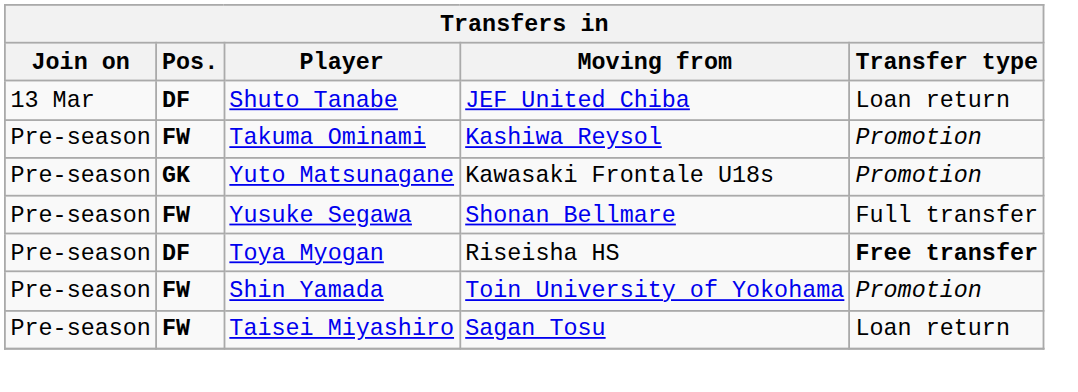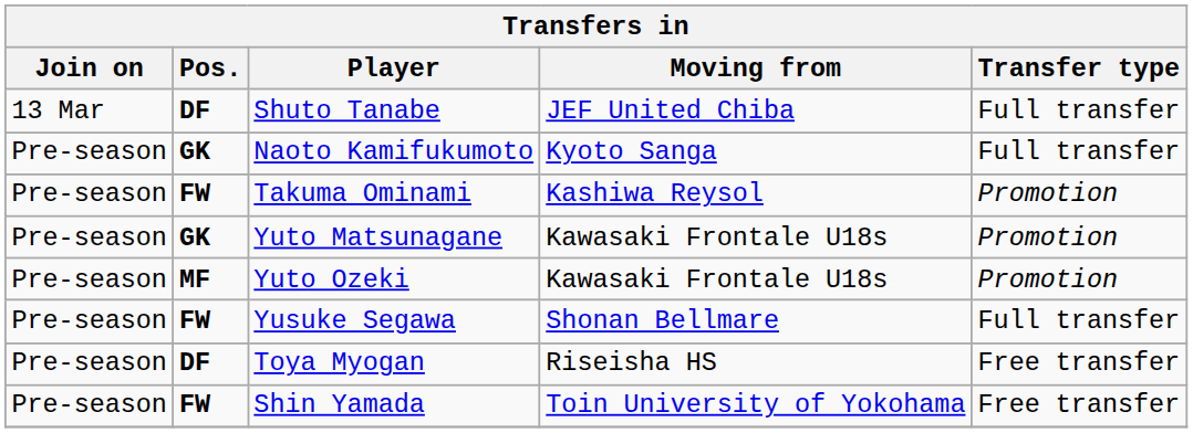 <table class="wikitable sortable" style=“text-align:left;>
 <tr>
 <th colspan="5">Transfers in</th>
 </tr>
 <tr>
 <th>Join on</th>
 <th>Pos.</th>
 <th>Player</th>
 <th>Moving from</th>
 <th>Transfer type</th>
 </tr>
 <tr>
 <td>13 Mar</td>
 <td><strong>DF</strong></td>
 <td> <a href='#'>Shuto Tanabe</a></td>
 <td> <a href='#'>JEF United Chiba</a></td>
-<td>Loan return</td>
+<td>Full transfer</td>
+</tr>
+<tr>
+<td>Pre-season</td>
+<td><strong>GK</strong></td>
+<td> <a href='#'>Naoto Kamifukumoto</a></td>
+<td> <a href='#'>Kyoto Sanga</a></td>
+<td>Full transfer</td>
 </tr>
 <tr>
 <td>Pre-season</td>
 <td><strong>FW</strong></td>
 <td> <a href='#'>Takuma Ominami</a></td>
 <td> <a href='#'>Kashiwa Reysol</a></td>
 <td><em>Promotion</em></td>
 </tr>
 <tr>
 <td>Pre-season</td>
 <td><strong>GK</strong></td>
 <td> <a href='#'>Yuto Matsunagane</a></td>
 <td>Kawasaki Frontale U18s</td>
 <td><em>Promotion</em></td>
 </tr>
 <tr>
 <td>Pre-season</td>
+<td><strong>MF</strong></td>
+<td> <a href='#'>Yuto Ozeki</a></td>
+<td>Kawasaki Frontale U18s</td>
+<td><em>Promotion</em></td>
+</tr>
+<tr>
+<td>Pre-season</td>
 <td><strong>FW</strong></td>
 <td> <a href='#'>Yusuke Segawa</a></td>
 <td> <a href='#'>Shonan Bellmare</a></td>
 <td>Full transfer</td>
 </tr>
 <tr>
 <td>Pre-season</td>
 <td><strong>DF</strong></td>
 <td> <a href='#'>Toya Myogan</a></td>
 <td> Riseisha HS</td>
-<td><strong>Free transfer</strong></td>
+<td>Free transfer</td>
 </tr>
 <tr>
 <td>Pre-season</td>
 <td><strong>FW</strong></td>
 <td> <a href='#'>Shin Yamada</a></td>
 <td> <a href='#'>Toin University of Yokohama</a></td>
-<td><em>Promotion</em></td>
-</tr>
-<tr>
-<td>Pre-season</td>
-<td><strong>FW</strong></td>
-<td> <a href='#'>Taisei Miyashiro</a></td>
-<td> <a href='#'>Sagan Tosu</a></td>
-<td>Loan return</td>
+<td>Free transfer</td>
 </tr>
 <tr>
 </tr>
 </table>
